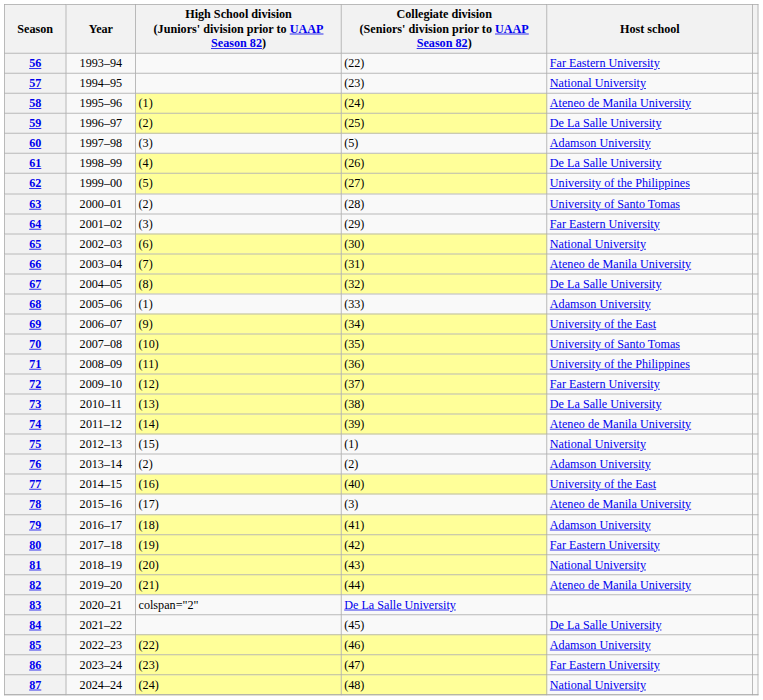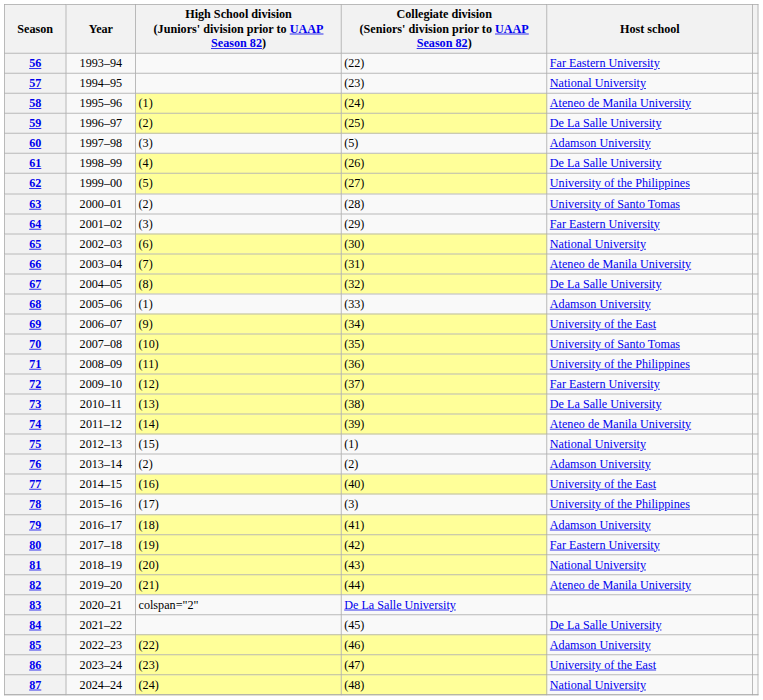 <table class="wikitable plainrowheaders" style="font-size:95%;">
 <tr>
 <th scope="col" style="width:70px;">Season</th>
 <th scope="col" style="width:80px;">Year</th>
 <th scope="col" style="width:250px">High School division<br>(Juniors' division prior to <a href='#'>UAAP Season 82</a>)</th>
 <th scope="col" style="width:250px">Collegiate division<br>(Seniors' division prior to <a href='#'>UAAP Season 82</a>)</th>
 <th scope="col" style="width:250px">Host school</th>
 <th scope="col"></th>
 </tr>
 <tr>
 <th scope="row" style="text-align:center;"><a href='#'>56</a></th>
 <td align=center>1993–94</td>
 <td></td>
 <td> (22)</td>
 <td><a href='#'>Far Eastern University</a></td>
 <td align=center></td>
 </tr>
 <tr>
 <th scope="row" style="text-align:center;"><a href='#'>57</a></th>
 <td align=center>1994–95</td>
 <td></td>
 <td> (23)</td>
 <td><a href='#'>National University</a></td>
 <td align=center></td>
 </tr>
 <tr>
 <th scope="row" style="text-align:center;"><a href='#'>58</a></th>
 <td align=center>1995–96</td>
 <td bgcolor="#FFFF99"> (1)</td>
 <td bgcolor="#FFFF99"> (24)</td>
 <td><a href='#'>Ateneo de Manila University</a></td>
 <td align=center></td>
 </tr>
 <tr>
 <th scope="row" style="text-align:center;"><a href='#'>59</a></th>
 <td align=center>1996–97</td>
 <td bgcolor="#FFFF99"> (2)</td>
 <td bgcolor="#FFFF99"> (25)</td>
 <td><a href='#'>De La Salle University</a></td>
 <td align=center></td>
 </tr>
 <tr>
 <th scope="row" style="text-align:center;"><a href='#'>60</a></th>
 <td align=center>1997–98</td>
 <td> (3)</td>
 <td> (5)</td>
 <td><a href='#'>Adamson University</a></td>
 <td align=center></td>
 </tr>
 <tr>
 <th scope="row" style="text-align:center;"><a href='#'>61</a></th>
 <td align=center>1998–99</td>
 <td bgcolor="#FFFF99"> (4)</td>
 <td bgcolor="#FFFF99"> (26)</td>
 <td><a href='#'>De La Salle University</a></td>
 <td align=center></td>
 </tr>
 <tr>
 <th scope="row" style="text-align:center;"><a href='#'>62</a></th>
 <td align=center>1999–00</td>
 <td bgcolor="#FFFF99"> (5)</td>
 <td bgcolor="#FFFF99"> (27)</td>
 <td><a href='#'>University of the Philippines</a></td>
 <td align=center></td>
 </tr>
 <tr>
 <th scope="row" style="text-align:center;"><a href='#'>63</a></th>
 <td align=center>2000–01</td>
 <td> (2)</td>
 <td> (28)</td>
 <td><a href='#'>University of Santo Tomas</a></td>
 <td align=center></td>
 </tr>
 <tr>
 <th scope="row" style="text-align:center;"><a href='#'>64</a></th>
 <td align=center>2001–02</td>
 <td> (3)</td>
 <td> (29)</td>
 <td><a href='#'>Far Eastern University</a></td>
 <td align=center></td>
 </tr>
 <tr>
 <th scope="row" style="text-align:center;"><a href='#'>65</a></th>
 <td align=center>2002–03</td>
 <td bgcolor="#FFFF99"> (6)</td>
 <td bgcolor="#FFFF99"> (30)</td>
 <td><a href='#'>National University</a></td>
 <td align=center></td>
 </tr>
 <tr>
 <th scope="row" style="text-align:center;"><a href='#'>66</a></th>
 <td align=center>2003–04</td>
 <td bgcolor="#FFFF99"> (7)</td>
 <td bgcolor="#FFFF99"> (31)</td>
 <td><a href='#'>Ateneo de Manila University</a></td>
 <td align=center></td>
 </tr>
 <tr>
 <th scope="row" style="text-align:center;"><a href='#'>67</a></th>
 <td align=center>2004–05</td>
 <td bgcolor="#FFFF99"> (8)</td>
 <td bgcolor="#FFFF99"> (32)</td>
 <td><a href='#'>De La Salle University</a></td>
 <td align=center></td>
 </tr>
 <tr>
 <th scope="row" style="text-align:center;"><a href='#'>68</a></th>
 <td align=center>2005–06</td>
 <td> (1)</td>
 <td> (33)</td>
 <td><a href='#'>Adamson University</a></td>
 <td align=center></td>
 </tr>
 <tr>
 <th scope="row" style="text-align:center;"><a href='#'>69</a></th>
 <td align=center>2006–07</td>
 <td bgcolor="#FFFF99"> (9)</td>
 <td bgcolor="#FFFF99"> (34)</td>
 <td><a href='#'>University of the East</a></td>
 <td align=center></td>
 </tr>
 <tr>
 <th scope="row" style="text-align:center;"><a href='#'>70</a></th>
 <td align=center>2007–08</td>
 <td bgcolor="#FFFF99"> (10)</td>
 <td bgcolor="#FFFF99"> (35)</td>
 <td><a href='#'>University of Santo Tomas</a></td>
 <td align=center></td>
 </tr>
 <tr>
 <th scope="row" style="text-align:center;"><a href='#'>71</a></th>
 <td align=center>2008–09</td>
 <td bgcolor="#FFFF99"> (11)</td>
 <td bgcolor="#FFFF99"> (36)</td>
 <td><a href='#'>University of the Philippines</a></td>
 <td align=center></td>
 </tr>
 <tr>
 <th scope="row" style="text-align:center;"><a href='#'>72</a></th>
 <td align=center>2009–10</td>
 <td bgcolor="#FFFF99"> (12)</td>
 <td bgcolor="#FFFF99"> (37)</td>
 <td><a href='#'>Far Eastern University</a></td>
 <td align=center></td>
 </tr>
 <tr>
 <th scope="row" style="text-align:center;"><a href='#'>73</a></th>
 <td align=center>2010–11</td>
 <td bgcolor="#FFFF99"> (13)</td>
 <td bgcolor="#FFFF99"> (38)</td>
 <td><a href='#'>De La Salle University</a></td>
 <td align=center></td>
 </tr>
 <tr>
 <th scope="row" style="text-align:center;"><a href='#'>74</a></th>
 <td align=center>2011–12</td>
 <td bgcolor="#FFFF99"> (14)</td>
 <td bgcolor="#FFFF99"> (39)</td>
 <td><a href='#'>Ateneo de Manila University</a></td>
 <td align=center></td>
 </tr>
 <tr>
 <th scope="row" style="text-align:center;"><a href='#'>75</a></th>
 <td align=center>2012–13</td>
 <td> (15)</td>
 <td> (1)</td>
 <td><a href='#'>National University</a></td>
 <td align=center></td>
 </tr>
 <tr>
 <th scope="row" style="text-align:center;"><a href='#'>76</a></th>
 <td align=center>2013–14</td>
 <td> (2)</td>
 <td> (2)</td>
 <td><a href='#'>Adamson University</a></td>
 <td align=center></td>
 </tr>
 <tr>
 <th scope="row" style="text-align:center;"><a href='#'>77</a></th>
 <td align=center>2014–15</td>
 <td bgcolor="#FFFF99"> (16)</td>
 <td bgcolor="#FFFF99"> (40)</td>
 <td><a href='#'>University of the East</a></td>
 <td align=center></td>
 </tr>
 <tr>
 <th scope="row" style="text-align:center;"><a href='#'>78</a></th>
 <td align=center>2015–16</td>
 <td> (17)</td>
 <td> (3)</td>
-<td><a href='#'>Ateneo de Manila University</a></td>
+<td><a href='#'>University of the Philippines</a></td>
 <td align=center></td>
 </tr>
 <tr>
 <th scope="row" style="text-align:center;"><a href='#'>79</a></th>
 <td align=center>2016–17</td>
 <td bgcolor="#FFFF99">  (18)</td>
 <td bgcolor="#FFFF99"> (41)</td>
 <td><a href='#'>Adamson University</a></td>
 <td align=center></td>
 </tr>
 <tr>
 <th scope="row" style="text-align:center;"><a href='#'>80</a></th>
 <td align=center>2017–18</td>
 <td bgcolor="#FFFF99"> (19)</td>
 <td bgcolor="#FFFF99"> (42)</td>
 <td><a href='#'>Far Eastern University</a></td>
 <td align=center></td>
 </tr>
 <tr>
 <th scope="row" style="text-align:center;"><a href='#'>81</a></th>
 <td align=center>2018–19</td>
 <td bgcolor="#FFFF99"> (20)</td>
 <td bgcolor="#FFFF99"> (43)</td>
 <td><a href='#'>National University</a></td>
 <td align=center></td>
 </tr>
 <tr>
 <th scope="row" style="text-align:center;"><a href='#'>82</a></th>
 <td align=center>2019–20</td>
 <td bgcolor="#FFFF99"> (21)</td>
 <td bgcolor="#FFFF99">  (44)</td>
 <td><a href='#'>Ateneo de Manila University</a></td>
 <td align=center></td>
 </tr>
 <tr>
 <th scope="row" style="text-align:center;"><a href='#'>83</a></th>
 <td align=center>2020–21</td>
 <td>colspan="2" </td>
 <td><a href='#'>De La Salle University</a></td>
 <td align="center"></td>
 </tr>
 <tr>
 <th scope="row" style="text-align:center;"><a href='#'>84</a></th>
 <td align=center>2021–22</td>
 <td></td>
 <td>  (45)</td>
 <td><a href='#'>De La Salle University</a></td>
 <td align="center"></td>
 </tr>
 <tr>
 <th scope="row" style="text-align:center;"><a href='#'>85</a></th>
 <td align=center>2022–23</td>
 <td bgcolor="#FFFF99"> (22)</td>
 <td bgcolor="#FFFF99"> (46)</td>
 <td><a href='#'>Adamson University</a></td>
 <td align="center"></td>
 </tr>
 <tr>
 <th scope="row" style="text-align:center;"><a href='#'>86</a></th>
 <td align=center>2023–24</td>
 <td bgcolor="#FFFF99"> (23)</td>
 <td bgcolor="#FFFF99"> (47)</td>
-<td><a href='#'>Far Eastern University</a></td>
+<td><a href='#'>University of the East</a></td>
 <td align="center"></td>
 </tr>
 <tr>
 <th scope="row" style="text-align:center;"><a href='#'>87</a></th>
 <td align=center>2024–24</td>
 <td bgcolor="#FFFF99"> (24)</td>
 <td bgcolor="#FFFF99"> (48)</td>
 <td><a href='#'>National University</a></td>
 <td align="center"></td>
 </tr>
 <tr>
 </tr>
 </table>
